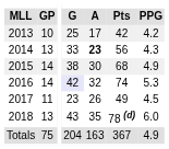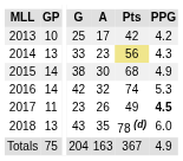 <table BORDER="0" CELLPADDING="3" CELLSPACING="0">
 <tr style="text-align:center; background:#e0e0e0;">
 <th colspan="2" style="background:#fff;"></th>
 <th rowspan="99" style="background:#fff;"></th>
 </tr>
 <tr style="text-align:center; background:#e0e0e0;">
 <th>MLL</th>
 <th>GP</th>
 <th>G</th>
 <th>A</th>
 <th>Pts</th>
 <th>PPG</th>
 </tr>
 <tr style="text-align:center; background:#f0f0f0;">
 <td>2013</td>
 <td>10</td>
 <td>25</td>
 <td>17</td>
 <td>42</td>
 <td>4.2</td>
 </tr>
 <tr style="text-align:center;">
 <td>2014</td>
 <td>13</td>
 <td>33</td>
-<td><strong>23</strong></td>
-<td>56</td>
+<td>23</td>
+<td style="background: khaki;">56</td>
 <td>4.3</td>
 </tr>
 <tr style="text-align:center; background:#f0f0f0;">
 <td>2015</td>
 <td>14</td>
 <td>38</td>
 <td>30</td>
 <td>68</td>
 <td>4.9</td>
 </tr>
 <tr style="text-align:center;">
 <td>2016</td>
 <td>14</td>
-<td style="background: lavender;">42</td>
+<td>42</td>
 <td>32</td>
 <td>74</td>
 <td>5.3</td>
 </tr>
 <tr style="text-align:center;">
 <td>2017</td>
 <td>11</td>
 <td>23</td>
 <td>26</td>
 <td>49</td>
-<td>4.5</td>
+<td><strong>4.5</strong></td>
 </tr>
 <tr style="text-align:center;">
 <td>2018</td>
 <td>13</td>
 <td>43</td>
 <td>35</td>
 <td>78 <sup><strong><em>(d)</em></strong></sup></td>
 <td>6.0</td>
 </tr>
 <tr style="text-align:center; background:#e0e0e0;">
 <td>Totals</td>
 <td>75</td>
 <td>204</td>
 <td>163</td>
 <td>367</td>
 <td>4.9</td>
 </tr>
 </table>
